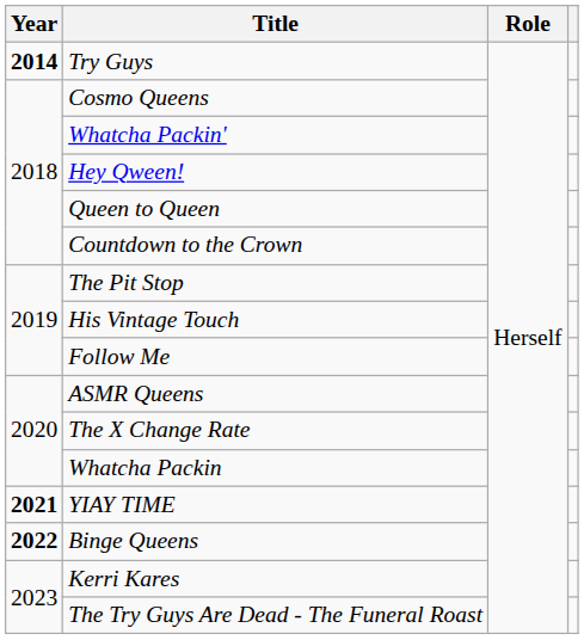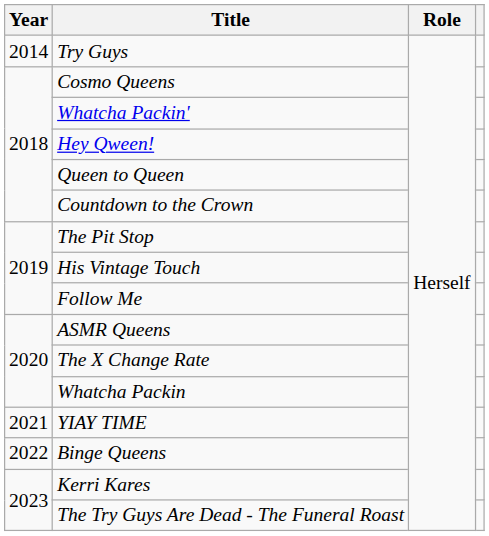 <table class="wikitable plainrowheaders sortable">
 <tr>
 <th scope="col">Year</th>
 <th scope="col">Title</th>
 <th scope="col">Role</th>
 <th style="text-align: center;" class="unsortable"></th>
 </tr>
 <tr>
-<td><strong>2014</strong></td>
+<td>2014</td>
 <td><em>Try Guys</em></td>
 <td rowspan="16">Herself</td>
 <td></td>
 </tr>
 <tr>
 <td rowspan="5">2018</td>
 <td><em>Cosmo Queens</em></td>
 <td></td>
 </tr>
 <tr>
 <td><em><a href='#'>Whatcha Packin'</a></em></td>
 <td></td>
 </tr>
 <tr>
 <td><em><a href='#'>Hey Qween!</a></em></td>
 <td></td>
 </tr>
 <tr>
 <td><em>Queen to Queen</em></td>
 <td></td>
 </tr>
 <tr>
 <td><em>Countdown to the Crown</em></td>
 <td></td>
 </tr>
 <tr>
 <td rowspan="3">2019</td>
 <td><em>The Pit Stop</em></td>
 <td></td>
 </tr>
 <tr>
 <td><em>His Vintage Touch</em></td>
 <td></td>
 </tr>
 <tr>
 <td><em>Follow Me</em></td>
 <td></td>
 </tr>
 <tr>
 <td rowspan="3">2020</td>
 <td><em>ASMR Queens</em></td>
 <td></td>
 </tr>
 <tr>
 <td><em>The X Change Rate</em></td>
 <td></td>
 </tr>
 <tr>
 <td><em>Whatcha Packin</em></td>
 <td></td>
 </tr>
 <tr>
-<td><strong>2021</strong></td>
+<td>2021</td>
 <td><em>YIAY TIME</em></td>
 <td></td>
 </tr>
 <tr>
-<td><strong>2022</strong></td>
+<td>2022</td>
 <td><em>Binge Queens</em></td>
 <td style="text-align: center;"></td>
 </tr>
 <tr>
 <td rowspan="2">2023</td>
 <td><em>Kerri Kares</em></td>
 <td style="text-align: center;"></td>
 </tr>
 <tr>
 <td><em>The Try Guys Are Dead - The Funeral Roast</em></td>
 <td></td>
 </tr>
 </table>
